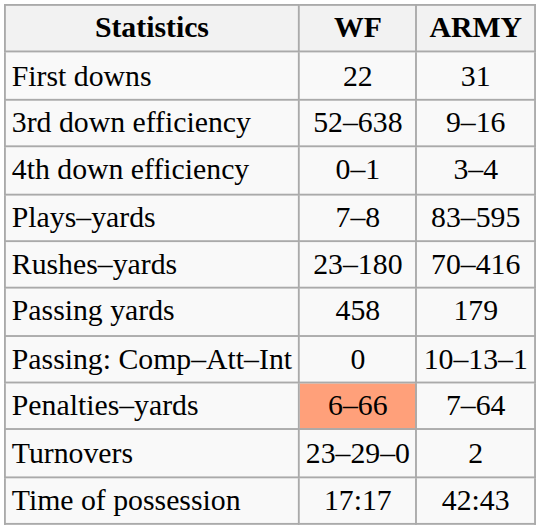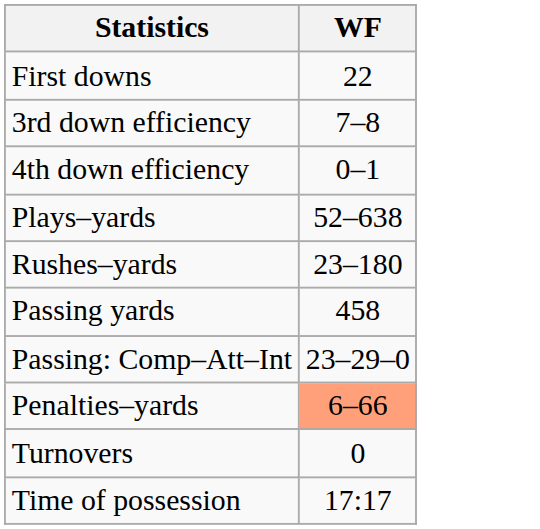 <table class="wikitable">
 <tr>
 <th>Statistics</th>
 <th>WF</th>
-<th>ARMY</th>
 </tr>
 <tr>
 <td>First downs</td>
 <td align=center>22</td>
-<td align=center>31</td>
 </tr>
 <tr>
 <td>3rd down efficiency</td>
-<td align=center>52–638</td>
-<td align=center>9–16</td>
+<td align=center>7–8</td>
 </tr>
 <tr>
 <td>4th down efficiency</td>
 <td align=center>0–1</td>
-<td align=center>3–4</td>
 </tr>
 <tr>
 <td>Plays–yards</td>
-<td align=center>7–8</td>
-<td align=center>83–595</td>
+<td align=center>52–638</td>
 </tr>
 <tr>
 <td>Rushes–yards</td>
 <td align=center>23–180</td>
-<td align=center>70–416</td>
 </tr>
 <tr>
 <td>Passing yards</td>
 <td align=center>458</td>
-<td align=center>179</td>
 </tr>
 <tr>
 <td>Passing: Comp–Att–Int</td>
-<td align=center>0</td>
-<td align=center>10–13–1</td>
+<td align=center>23–29–0</td>
 </tr>
 <tr>
 <td>Penalties–yards</td>
 <td align=center style="background: lightsalmon;">6–66</td>
-<td align=center>7–64</td>
 </tr>
 <tr>
 <td>Turnovers</td>
-<td align=center>23–29–0</td>
-<td align=center>2</td>
+<td align=center>0</td>
 </tr>
 <tr>
 <td>Time of possession</td>
 <td align=center>17:17</td>
-<td align=center>42:43</td>
 </tr>
 </table>
